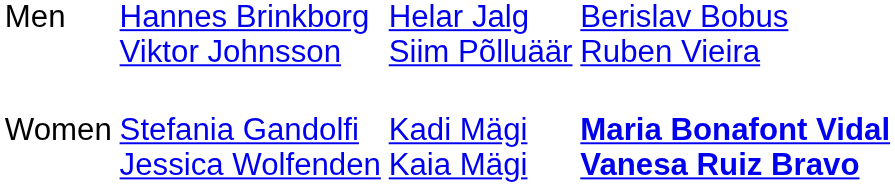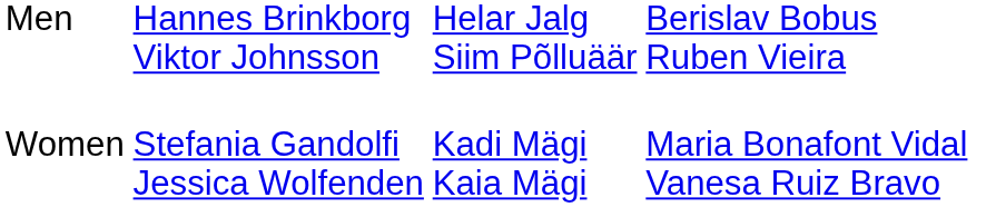 <table>
 <tr>
 <td>Men</td>
 <td><br><a href='#'>Hannes Brinkborg</a><br><a href='#'>Viktor Johnsson</a></td>
 <td><br><a href='#'>Helar Jalg</a><br><a href='#'>Siim Põlluäär</a></td>
 <td><br><a href='#'>Berislav Bobus</a><br><a href='#'>Ruben Vieira</a></td>
 </tr>
 <tr>
 <td>Women</td>
 <td><br><a href='#'>Stefania Gandolfi</a><br><a href='#'>Jessica Wolfenden</a></td>
 <td><br><a href='#'>Kadi Mägi</a><br><a href='#'>Kaia Mägi</a></td>
-<td><strong><br><a href='#'>Maria Bonafont Vidal</a><br><a href='#'>Vanesa Ruiz Bravo</a></strong></td>
+<td><br><a href='#'>Maria Bonafont Vidal</a><br><a href='#'>Vanesa Ruiz Bravo</a></td>
 </tr>
 </table>
